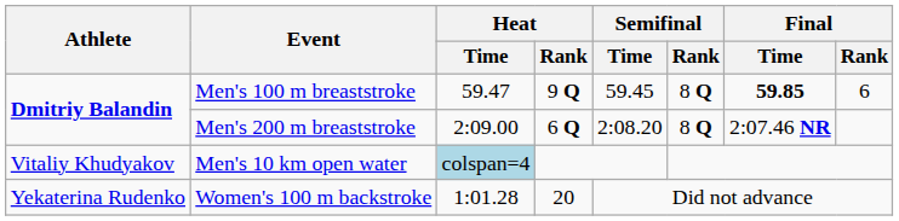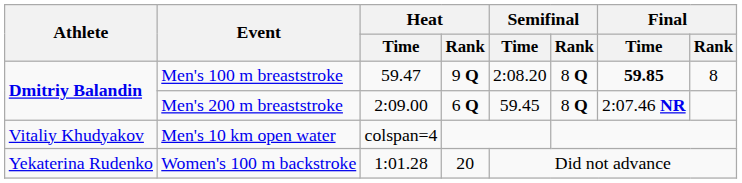 <table class=wikitable style="font-size:90%">
 <tr>
 <th rowspan="2">Athlete</th>
 <th rowspan="2">Event</th>
 <th colspan="2">Heat</th>
 <th colspan="2">Semifinal</th>
 <th colspan="2">Final</th>
 </tr>
 <tr style="font-size:95%">
 <th>Time</th>
 <th>Rank</th>
 <th>Time</th>
 <th>Rank</th>
 <th>Time</th>
 <th>Rank</th>
 </tr>
 <tr align=center>
 <td align=left rowspan=2><strong><a href='#'>Dmitriy Balandin</a></strong></td>
 <td align=left><a href='#'>Men's 100 m breaststroke</a></td>
 <td>59.47</td>
 <td>9 <strong>Q</strong></td>
-<td>59.45</td>
+<td>2:08.20</td>
 <td>8 <strong>Q</strong></td>
 <td><strong>59.85</strong></td>
-<td>6</td>
+<td>8</td>
 </tr>
 <tr align=center>
 <td align=left><a href='#'>Men's 200 m breaststroke</a></td>
 <td>2:09.00</td>
 <td>6 <strong>Q</strong></td>
-<td>2:08.20</td>
+<td>59.45</td>
 <td>8 <strong>Q</strong></td>
 <td>2:07.46 <strong><a href='#'>NR</a></strong></td>
 <td></td>
 </tr>
 <tr align=center>
 <td align=left><a href='#'>Vitaliy Khudyakov</a></td>
 <td align=left><a href='#'>Men's 10 km open water</a></td>
-<td style="background: lightblue;">colspan=4 </td>
+<td>colspan=4 </td>
 <td colspan=2></td>
 </tr>
 <tr align=center>
 <td align=left><a href='#'>Yekaterina Rudenko</a></td>
 <td align=left><a href='#'>Women's 100 m backstroke</a></td>
 <td>1:01.28</td>
 <td>20</td>
 <td colspan=4>Did not advance</td>
 </tr>
 </table>
